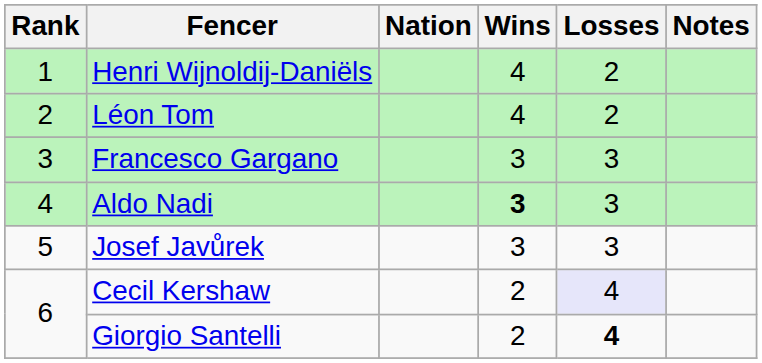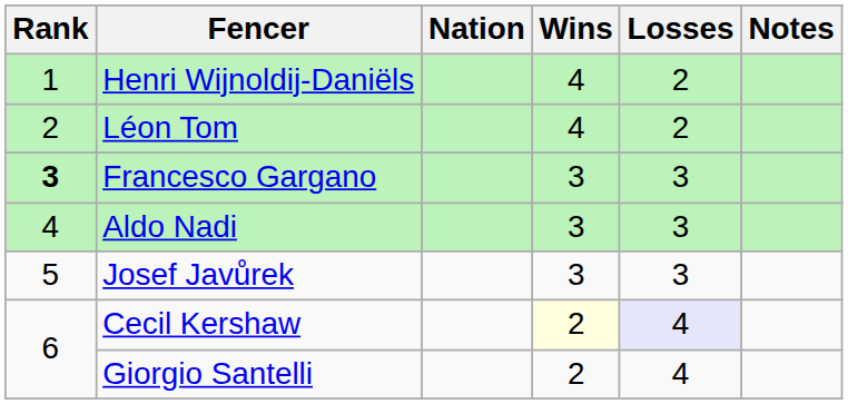 <table class="wikitable sortable" style="text-align:center">
 <tr>
 <th>Rank</th>
 <th>Fencer</th>
 <th>Nation</th>
 <th>Wins</th>
 <th>Losses</th>
 <th>Notes</th>
 </tr>
 <tr bgcolor=bbf3bb>
 <td>1</td>
 <td style="text-align: left;"><a href='#'>Henri Wijnoldij-Daniëls</a></td>
 <td align=left></td>
 <td>4</td>
 <td>2</td>
 <td></td>
 </tr>
 <tr bgcolor=bbf3bb>
 <td>2</td>
 <td style="text-align: left;"><a href='#'>Léon Tom</a></td>
 <td align=left></td>
 <td>4</td>
 <td>2</td>
 <td></td>
 </tr>
 <tr bgcolor=bbf3bb>
-<td>3</td>
+<td><strong>3</strong></td>
 <td style="text-align: left;"><a href='#'>Francesco Gargano</a></td>
 <td align=left></td>
 <td>3</td>
 <td>3</td>
 <td></td>
 </tr>
 <tr bgcolor=bbf3bb>
 <td>4</td>
 <td style="text-align: left;"><a href='#'>Aldo Nadi</a></td>
 <td align=left></td>
-<td><strong>3</strong></td>
+<td>3</td>
 <td>3</td>
 <td></td>
 </tr>
 <tr>
 <td>5</td>
 <td style="text-align: left;"><a href='#'>Josef Javůrek</a></td>
 <td align=left></td>
 <td>3</td>
 <td>3</td>
 <td></td>
 </tr>
 <tr>
 <td rowspan="2">6</td>
 <td style="text-align: left;"><a href='#'>Cecil Kershaw</a></td>
 <td align=left></td>
-<td>2</td>
+<td style="background: lightyellow;">2</td>
 <td style="background: lavender;">4</td>
 <td></td>
 </tr>
 <tr>
 <td style="text-align: left;"><a href='#'>Giorgio Santelli</a></td>
 <td align=left></td>
 <td>2</td>
-<td><strong>4</strong></td>
+<td>4</td>
 <td></td>
 </tr>
 </table>
